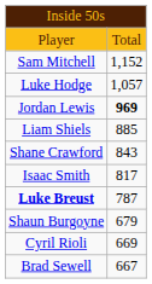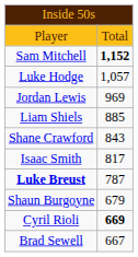 <table class="wikitable" style="text-align:center;">
 <tr>
 <td colspan="2" style="text-align:center; background: #4D2004; color: #FBBF15">Inside 50s</td>
 </tr>
 <tr>
 <td style="text-align:center; background: #FBBF15; color: #4D2004">Player</td>
 <td style="text-align:center; background: #FBBF15; color: #4D2004">Total</td>
 </tr>
 <tr>
 <td><a href='#'>Sam Mitchell</a></td>
-<td>1,152</td>
+<td><strong>1,152</strong></td>
 </tr>
 <tr>
 <td><a href='#'>Luke Hodge</a></td>
 <td>1,057</td>
 </tr>
 <tr>
 <td><a href='#'>Jordan Lewis</a></td>
-<td><strong>969</strong></td>
+<td>969</td>
 </tr>
 <tr>
 <td><a href='#'>Liam Shiels</a></td>
 <td>885</td>
 </tr>
 <tr>
 <td><a href='#'>Shane Crawford</a></td>
 <td>843</td>
 </tr>
 <tr>
 <td><a href='#'>Isaac Smith</a></td>
 <td>817</td>
 </tr>
 <tr>
 <td><strong><a href='#'>Luke Breust</a></strong></td>
 <td>787</td>
 </tr>
 <tr>
 <td><a href='#'>Shaun Burgoyne</a></td>
 <td>679</td>
 </tr>
 <tr>
 <td><a href='#'>Cyril Rioli</a></td>
-<td>669</td>
+<td><strong>669</strong></td>
 </tr>
 <tr>
 <td><a href='#'>Brad Sewell</a></td>
 <td>667</td>
 </tr>
 </table>
